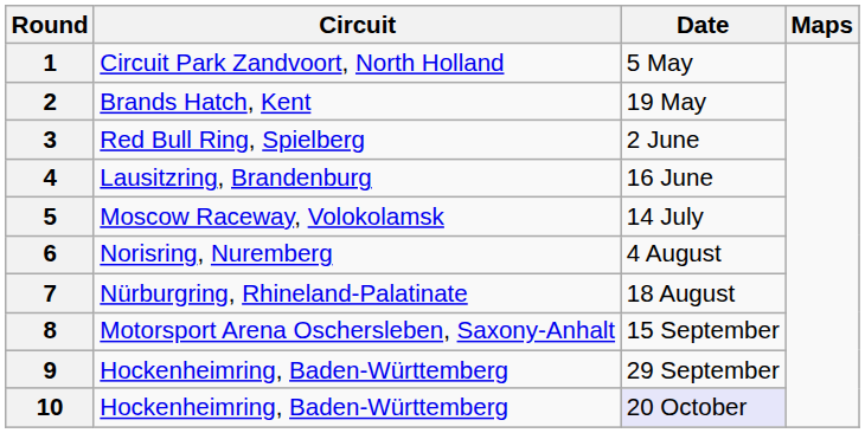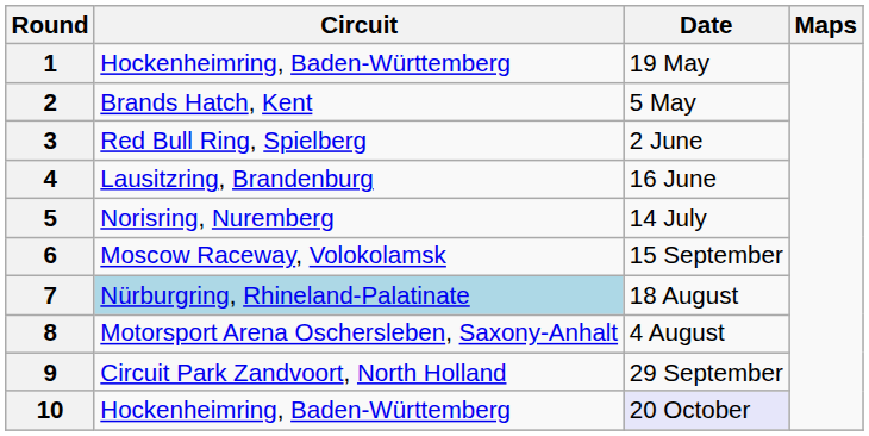 <table class="wikitable" style="font-size: 85%">
 <tr>
 <th>Round</th>
 <th>Circuit</th>
 <th>Date</th>
 <th>Maps</th>
 </tr>
 <tr>
 <th>1</th>
-<td> <a href='#'>Circuit Park Zandvoort</a>, <a href='#'>North Holland</a></td>
-<td>5 May</td>
+<td> <a href='#'>Hockenheimring</a>, <a href='#'>Baden-Württemberg</a></td>
+<td>19 May</td>
 <td rowspan=10><br>         </td>
 </tr>
 <tr>
 <th>2</th>
 <td> <a href='#'>Brands Hatch</a>, <a href='#'>Kent</a></td>
-<td>19 May</td>
+<td>5 May</td>
 </tr>
 <tr>
 <th>3</th>
 <td> <a href='#'>Red Bull Ring</a>, <a href='#'>Spielberg</a></td>
 <td>2 June</td>
 </tr>
 <tr>
 <th>4</th>
 <td> <a href='#'>Lausitzring</a>, <a href='#'>Brandenburg</a></td>
 <td>16 June</td>
 </tr>
 <tr>
 <th>5</th>
-<td> <a href='#'>Moscow Raceway</a>, <a href='#'>Volokolamsk</a></td>
+<td> <a href='#'>Norisring</a>, <a href='#'>Nuremberg</a></td>
 <td>14 July</td>
 </tr>
 <tr>
 <th>6</th>
-<td> <a href='#'>Norisring</a>, <a href='#'>Nuremberg</a></td>
-<td>4 August</td>
+<td> <a href='#'>Moscow Raceway</a>, <a href='#'>Volokolamsk</a></td>
+<td>15 September</td>
 </tr>
 <tr>
 <th>7</th>
-<td> <a href='#'>Nürburgring</a>, <a href='#'>Rhineland-Palatinate</a></td>
+<td style="background: lightblue;"> <a href='#'>Nürburgring</a>, <a href='#'>Rhineland-Palatinate</a></td>
 <td>18 August</td>
 </tr>
 <tr>
 <th>8</th>
 <td> <a href='#'>Motorsport Arena Oschersleben</a>, <a href='#'>Saxony-Anhalt</a></td>
-<td>15 September</td>
+<td>4 August</td>
 </tr>
 <tr>
 <th>9</th>
-<td> <a href='#'>Hockenheimring</a>, <a href='#'>Baden-Württemberg</a></td>
+<td> <a href='#'>Circuit Park Zandvoort</a>, <a href='#'>North Holland</a></td>
 <td>29 September</td>
 </tr>
 <tr>
 <th>10</th>
 <td> <a href='#'>Hockenheimring</a>, <a href='#'>Baden-Württemberg</a></td>
 <td style="background: lavender;">20 October</td>
 </tr>
 </table>
